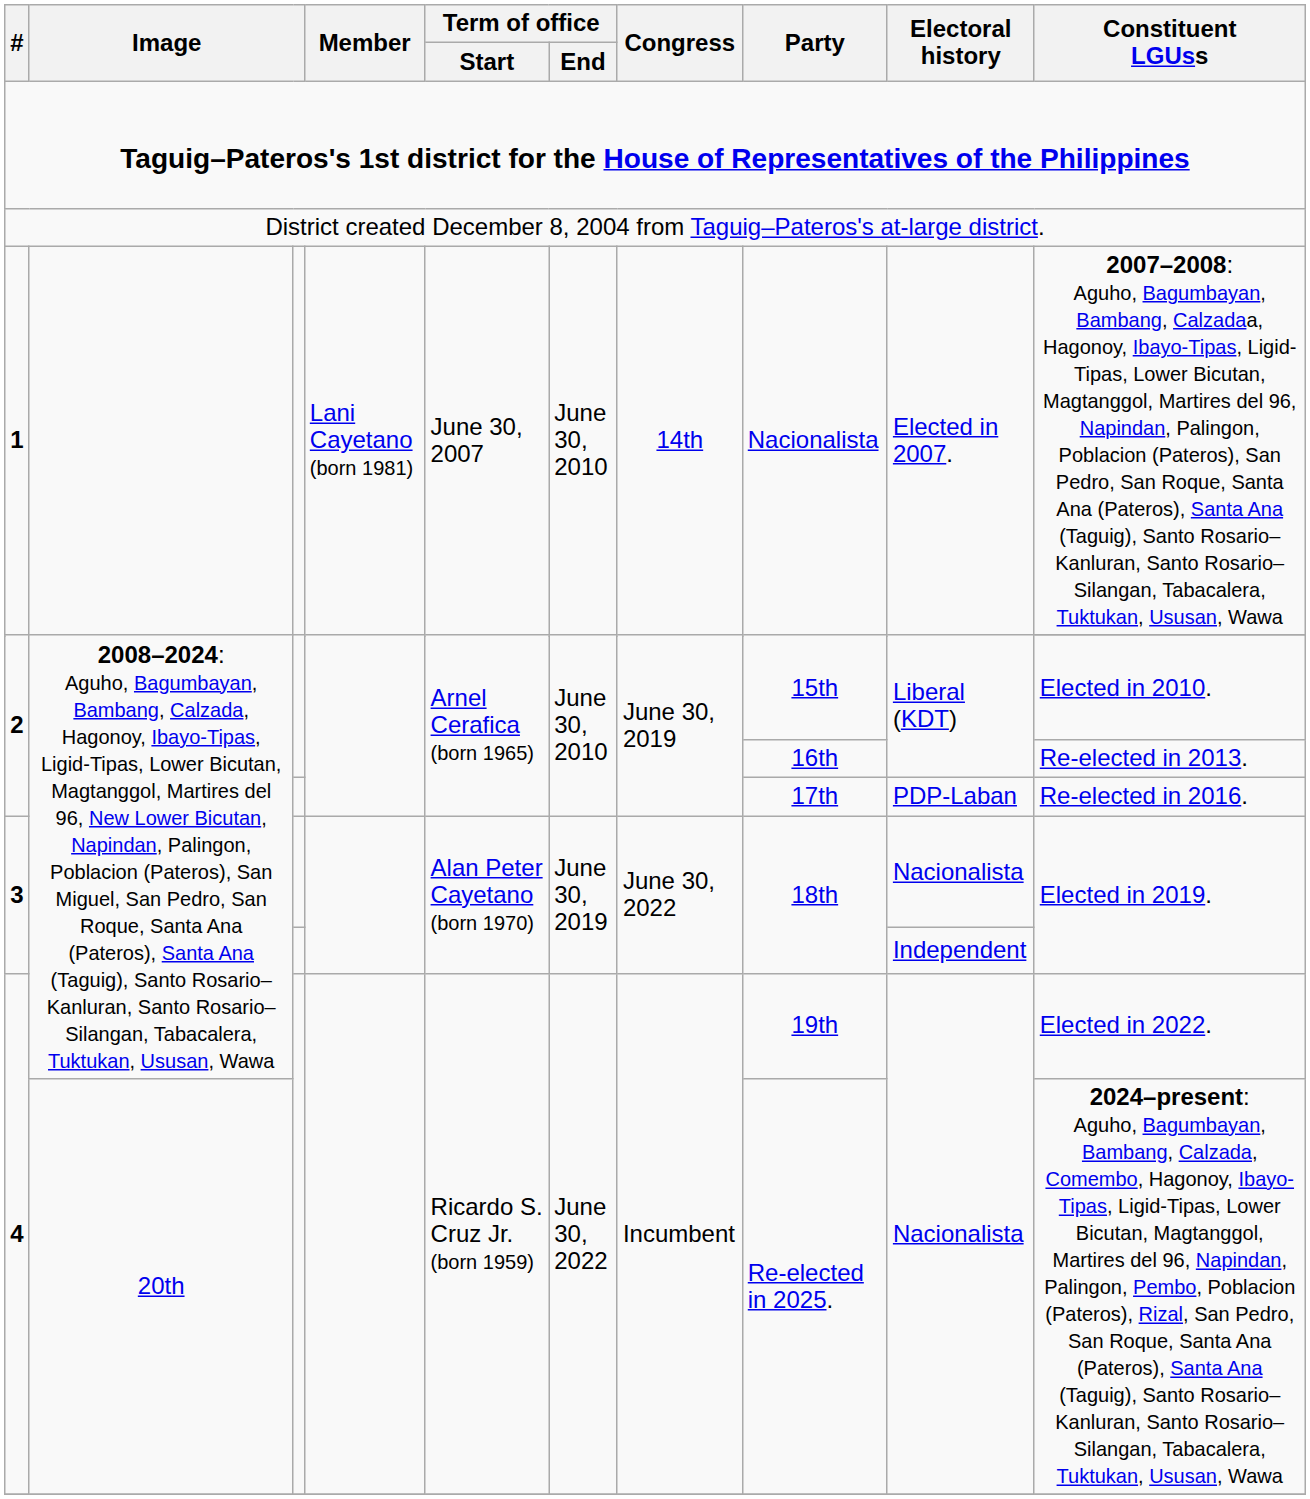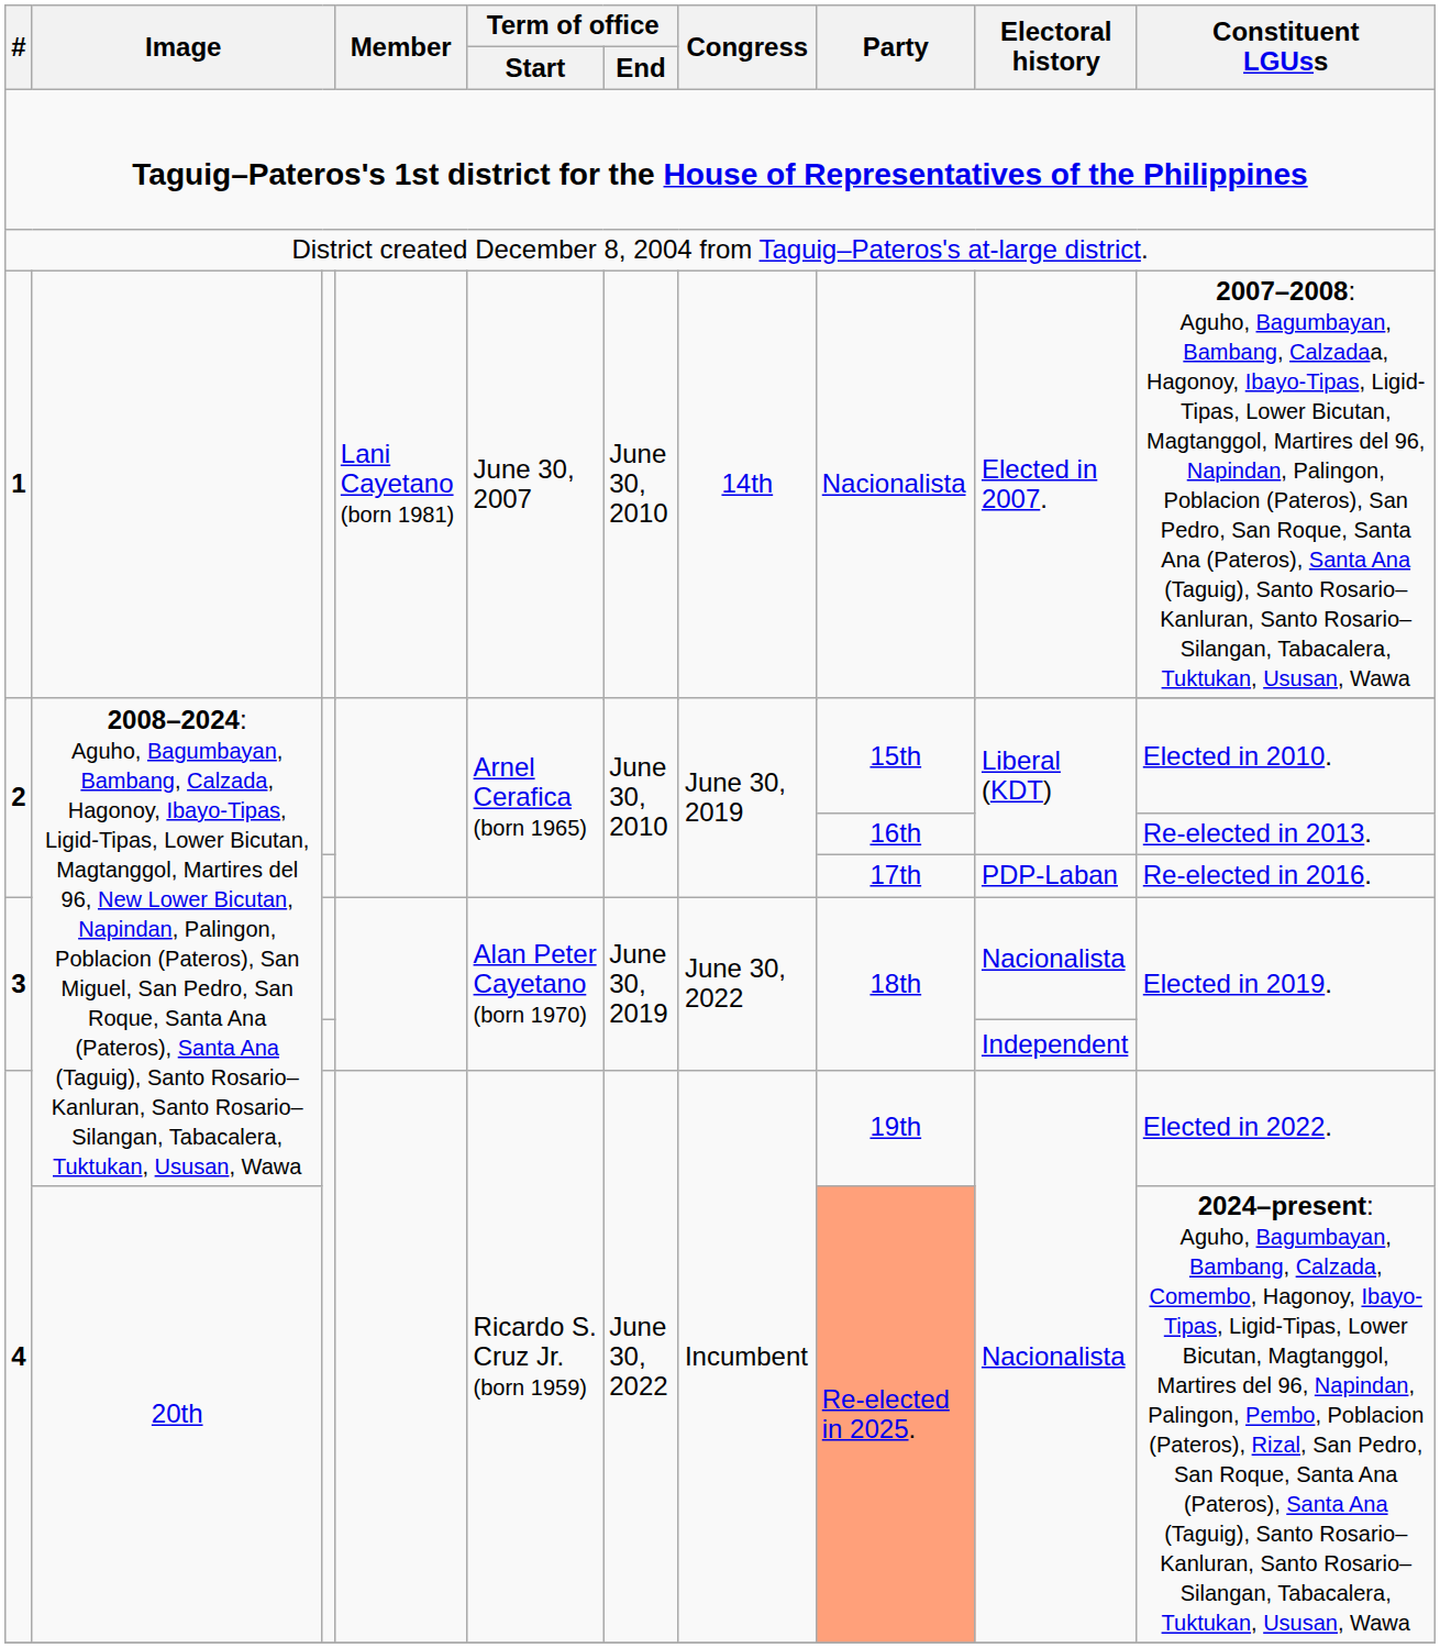 <table class=wikitable>
 <tr>
 <th rowspan="2">#</th>
 <th rowspan="2" colspan=2>Image</th>
 <th rowspan="2">Member</th>
 <th colspan=2>Term of office</th>
 <th rowspan="2">Congress</th>
 <th rowspan="2">Party</th>
 <th rowspan="2">Electoral history</th>
 <th rowspan="2">Constituent<br><a href='#'>LGUs</a>s</th>
 </tr>
 <tr>
 <th>Start</th>
 <th>End</th>
 </tr>
 <tr>
 <td colspan="10" style="text-align:center;"><br><h3>Taguig–Pateros's 1st district for the <a href='#'>House of Representatives of the Philippines</a></h3></td>
 </tr>
 <tr>
 <td colspan="10" style="text-align:center;">District created December 8, 2004 from <a href='#'>Taguig–Pateros's at-large district</a>.</td>
 </tr>
 <tr>
 <td rowspan="2" style="text-align:center;"><strong>1</strong></td>
 <td style="color:inherit;background:"></td>
 <td rowspan="2"></td>
 <td rowspan="2"><a href='#'>Lani Cayetano</a> <small>(born 1981)</small></td>
 <td rowspan="2">June 30, 2007</td>
 <td rowspan="2">June 30, 2010</td>
 <td rowspan="2" style="text-align:center;"><a href='#'>14th</a></td>
 <td rowspan="2"><a href='#'>Nacionalista</a></td>
 <td rowspan="2"><a href='#'>Elected in 2007</a>.</td>
 <td style="text-align:center;"><strong>2007–2008</strong>:<br><small>Aguho, <a href='#'>Bagumbayan</a>, <a href='#'>Bambang</a>, <a href='#'>Calzada</a>a, Hagonoy, <a href='#'>Ibayo-Tipas</a>, Ligid-Tipas, Lower Bicutan, Magtanggol, Martires del 96, <a href='#'>Napindan</a>, Palingon, Poblacion (Pateros), San Pedro, San Roque, Santa Ana (Pateros), <a href='#'>Santa Ana</a> (Taguig), Santo Rosario–Kanluran, Santo Rosario–Silangan, Tabacalera, <a href='#'>Tuktukan</a>, <a href='#'>Ususan</a>, Wawa</small></td>
 </tr>
 <tr>
 <td rowspan="7" style="text-align:center;"><strong>2008–2024</strong>:<br><small>Aguho, <a href='#'>Bagumbayan</a>, <a href='#'>Bambang</a>, <a href='#'>Calzada</a>, Hagonoy, <a href='#'>Ibayo-Tipas</a>, Ligid-Tipas, Lower Bicutan, Magtanggol, Martires del 96, <a href='#'>New Lower Bicutan</a>, <a href='#'>Napindan</a>, Palingon, Poblacion (Pateros), San Miguel, San Pedro, San Roque, Santa Ana (Pateros), <a href='#'>Santa Ana</a> (Taguig), Santo Rosario–Kanluran, Santo Rosario–Silangan, Tabacalera, <a href='#'>Tuktukan</a>, <a href='#'>Ususan</a>, Wawa</small></td>
 </tr>
 <tr>
 <td rowspan="3" style="text-align:center;"><strong>2</strong></td>
 <td rowspan="2" style="color:inherit;background:"></td>
 <td rowspan="3"></td>
 <td rowspan="3"><a href='#'>Arnel Cerafica</a> <small>(born 1965)</small></td>
 <td rowspan="3">June 30, 2010</td>
 <td rowspan="3">June 30, 2019</td>
 <td style="text-align:center;"><a href='#'>15th</a></td>
 <td rowspan="2"><a href='#'>Liberal</a><br>(<a href='#'>KDT</a>)</td>
 <td><a href='#'>Elected in 2010</a>.</td>
 </tr>
 <tr>
 <td style="text-align:center;"><a href='#'>16th</a></td>
 <td><a href='#'>Re-elected in 2013</a>.</td>
 </tr>
 <tr>
 <td style="color:inherit;background:"></td>
 <td style="text-align:center;"><a href='#'>17th</a></td>
 <td><a href='#'>PDP-Laban</a></td>
 <td><a href='#'>Re-elected in 2016</a>.</td>
 </tr>
 <tr>
 <td style="text-align:center;" rowspan="2"><strong>3</strong></td>
 <td style="color:inherit;background:"></td>
 <td rowspan="2"></td>
 <td rowspan="2"><a href='#'>Alan Peter Cayetano</a> <small>(born 1970)</small></td>
 <td rowspan="2">June 30, 2019</td>
 <td rowspan="2">June 30, 2022</td>
 <td style="text-align:center;" rowspan="2"><a href='#'>18th</a></td>
 <td><a href='#'>Nacionalista</a></td>
 <td rowspan="2"><a href='#'>Elected in 2019</a>.</td>
 </tr>
 <tr>
 <td style="color:inherit;background:"></td>
 <td><a href='#'>Independent</a></td>
 </tr>
 <tr>
 <td rowspan="2" style="text-align:center;"><strong>4</strong></td>
 <td rowspan="2" style="color:inherit;background:"></td>
 <td rowspan="2"></td>
 <td rowspan="2">Ricardo S. Cruz Jr. <small>(born 1959)</small></td>
 <td rowspan="2">June 30, 2022</td>
 <td rowspan="2">Incumbent</td>
 <td style="text-align:center;"><a href='#'>19th</a></td>
 <td rowspan="2"><a href='#'>Nacionalista</a></td>
 <td><a href='#'>Elected in 2022</a>.</td>
 </tr>
 <tr>
 <td style="text-align:center;"><a href='#'>20th</a></td>
-<td><a href='#'>Re-elected in 2025</a>.</td>
+<td style="background: lightsalmon;"><a href='#'>Re-elected in 2025</a>.</td>
 <td style="text-align:center;"><strong>2024–present</strong>:<br><small>Aguho, <a href='#'>Bagumbayan</a>, <a href='#'>Bambang</a>, <a href='#'>Calzada</a>, <a href='#'>Comembo</a>, Hagonoy, <a href='#'>Ibayo-Tipas</a>, Ligid-Tipas, Lower Bicutan, Magtanggol, Martires del 96, <a href='#'>Napindan</a>, Palingon, <a href='#'>Pembo</a>, Poblacion (Pateros), <a href='#'>Rizal</a>, San Pedro, San Roque, Santa Ana (Pateros), <a href='#'>Santa Ana</a> (Taguig), Santo Rosario–Kanluran, Santo Rosario–Silangan, Tabacalera, <a href='#'>Tuktukan</a>, <a href='#'>Ususan</a>, Wawa</small></td>
 </tr>
 <tr>
 </tr>
 </table>
